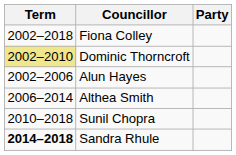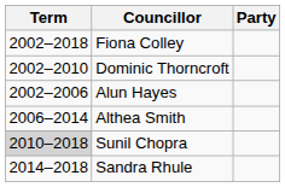 <table class="wikitable">
 <tr>
 <th>Term</th>
 <th>Councillor</th>
 <th colspan=2>Party</th>
 </tr>
 <tr>
 <td>2002–2018</td>
 <td>Fiona Colley</td>
 <td></td>
 </tr>
 <tr>
-<td style="background: khaki;">2002–2010</td>
+<td>2002–2010</td>
 <td>Dominic Thorncroft</td>
 <td></td>
 </tr>
 <tr>
 <td>2002–2006</td>
 <td>Alun Hayes</td>
 <td></td>
 </tr>
 <tr>
 <td>2006–2014</td>
 <td>Althea Smith</td>
 <td></td>
 </tr>
 <tr>
-<td>2010–2018</td>
+<td style="background: lightgrey;">2010–2018</td>
 <td>Sunil Chopra</td>
 <td></td>
 </tr>
 <tr>
-<td><strong>2014–2018</strong></td>
+<td>2014–2018</td>
 <td>Sandra Rhule</td>
 <td></td>
 </tr>
 </table>
